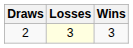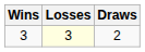 <table class="wikitable">
 <tr>
+<th>Wins</th>
+<th>Losses</th>
 <th>Draws</th>
-<th>Losses</th>
-<th>Wins</th>
 </tr>
 <tr>
+<td align=center>3</td>
+<td align=center style="background: lightyellow;">3</td>
 <td align=center>2</td>
-<td align=center style="background: lightyellow;">3</td>
-<td align=center>3</td>
 </tr>
 </table>
